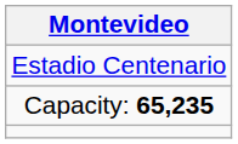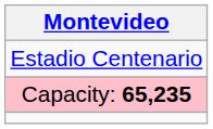 <table class="wikitable" style="text-align:center">
 <tr>
 <th><a href='#'>Montevideo</a></th>
 </tr>
 <tr>
 <td><a href='#'>Estadio Centenario</a></td>
 </tr>
 <tr>
-<td>Capacity: <strong>65,235</strong></td>
+<td style="background: pink;">Capacity: <strong>65,235</strong></td>
 </tr>
 <tr>
 <td></td>
 </tr>
 </table>
